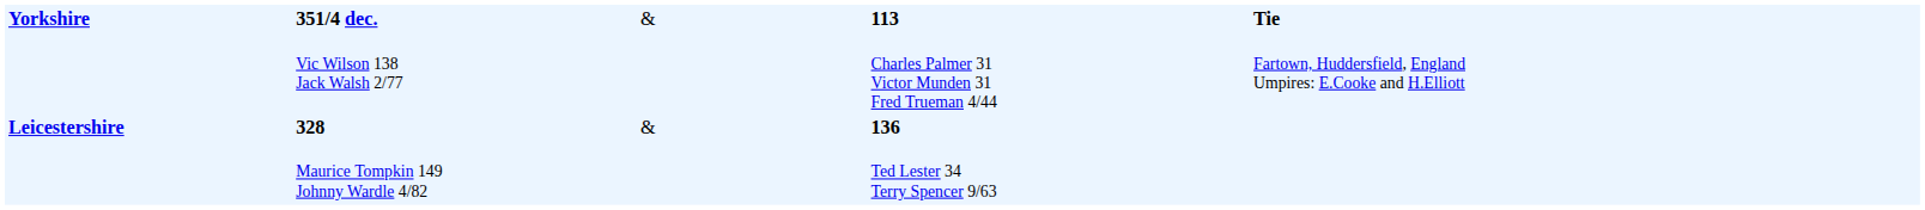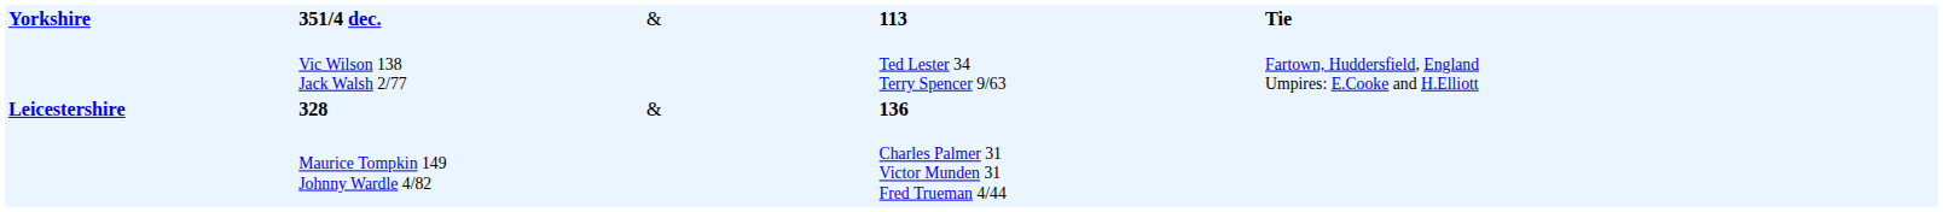 <table width="100%" style="background: #EBF5FF">
 <tr>
 <td width="15%" valign="top" rowspan="2"><strong><a href='#'>Yorkshire</a></strong></td>
 <td width="18%"><strong>351/4 <a href='#'>dec.</a></strong></td>
 <td width="12%">&</td>
 <td width="20%"><strong>113</strong></td>
 <td width="35%"><strong>Tie</strong></td>
 </tr>
 <tr>
 <td style="font-size: 85%;" valign="top"><br><a href='#'>Vic Wilson</a> 138<br> <a href='#'>Jack Walsh</a> 2/77</td>
 <td></td>
-<td valign="top" style="font-size: 85%;"><br><a href='#'>Charles Palmer</a> 31<br> <a href='#'>Victor Munden</a> 31<br> <a href='#'>Fred Trueman</a> 4/44</td>
+<td style="font-size: 85%;"><br><a href='#'>Ted Lester</a> 34<br> <a href='#'>Terry Spencer</a> 9/63</td>
 <td valign="top" style="font-size: 85%;" rowspan="3"><br><a href='#'>Fartown, Huddersfield</a>, <a href='#'>England</a><br> Umpires: <a href='#'>E.Cooke</a> and <a href='#'>H.Elliott</a></td>
 </tr>
 <tr>
 <td valign="top" rowspan="2"><strong><a href='#'>Leicestershire</a></strong></td>
 <td><strong>328</strong></td>
 <td>&</td>
 <td><strong>136</strong></td>
 </tr>
 <tr>
 <td style="font-size: 85%;"><br><a href='#'>Maurice Tompkin</a> 149<br> <a href='#'>Johnny Wardle</a> 4/82</td>
 <td></td>
-<td style="font-size: 85%;"><br><a href='#'>Ted Lester</a> 34<br> <a href='#'>Terry Spencer</a> 9/63</td>
+<td valign="top" style="font-size: 85%;"><br><a href='#'>Charles Palmer</a> 31<br> <a href='#'>Victor Munden</a> 31<br> <a href='#'>Fred Trueman</a> 4/44</td>
 </tr>
 </table>
